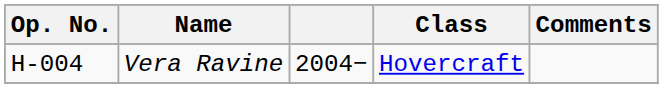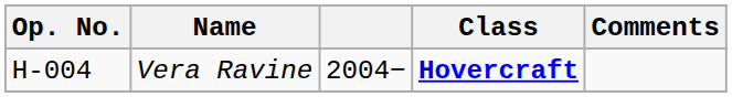 <table class="wikitable">
 <tr>
 <th>Op. No.</th>
 <th>Name</th>
 <th></th>
 <th>Class</th>
 <th>Comments</th>
 </tr>
 <tr>
 <td>H-004</td>
 <td><em>Vera Ravine</em></td>
 <td>2004−</td>
-<td><a href='#'>Hovercraft</a></td>
+<td><strong><a href='#'>Hovercraft</a></strong></td>
 <td></td>
 </tr>
 <tr>
 </tr>
 </table>
